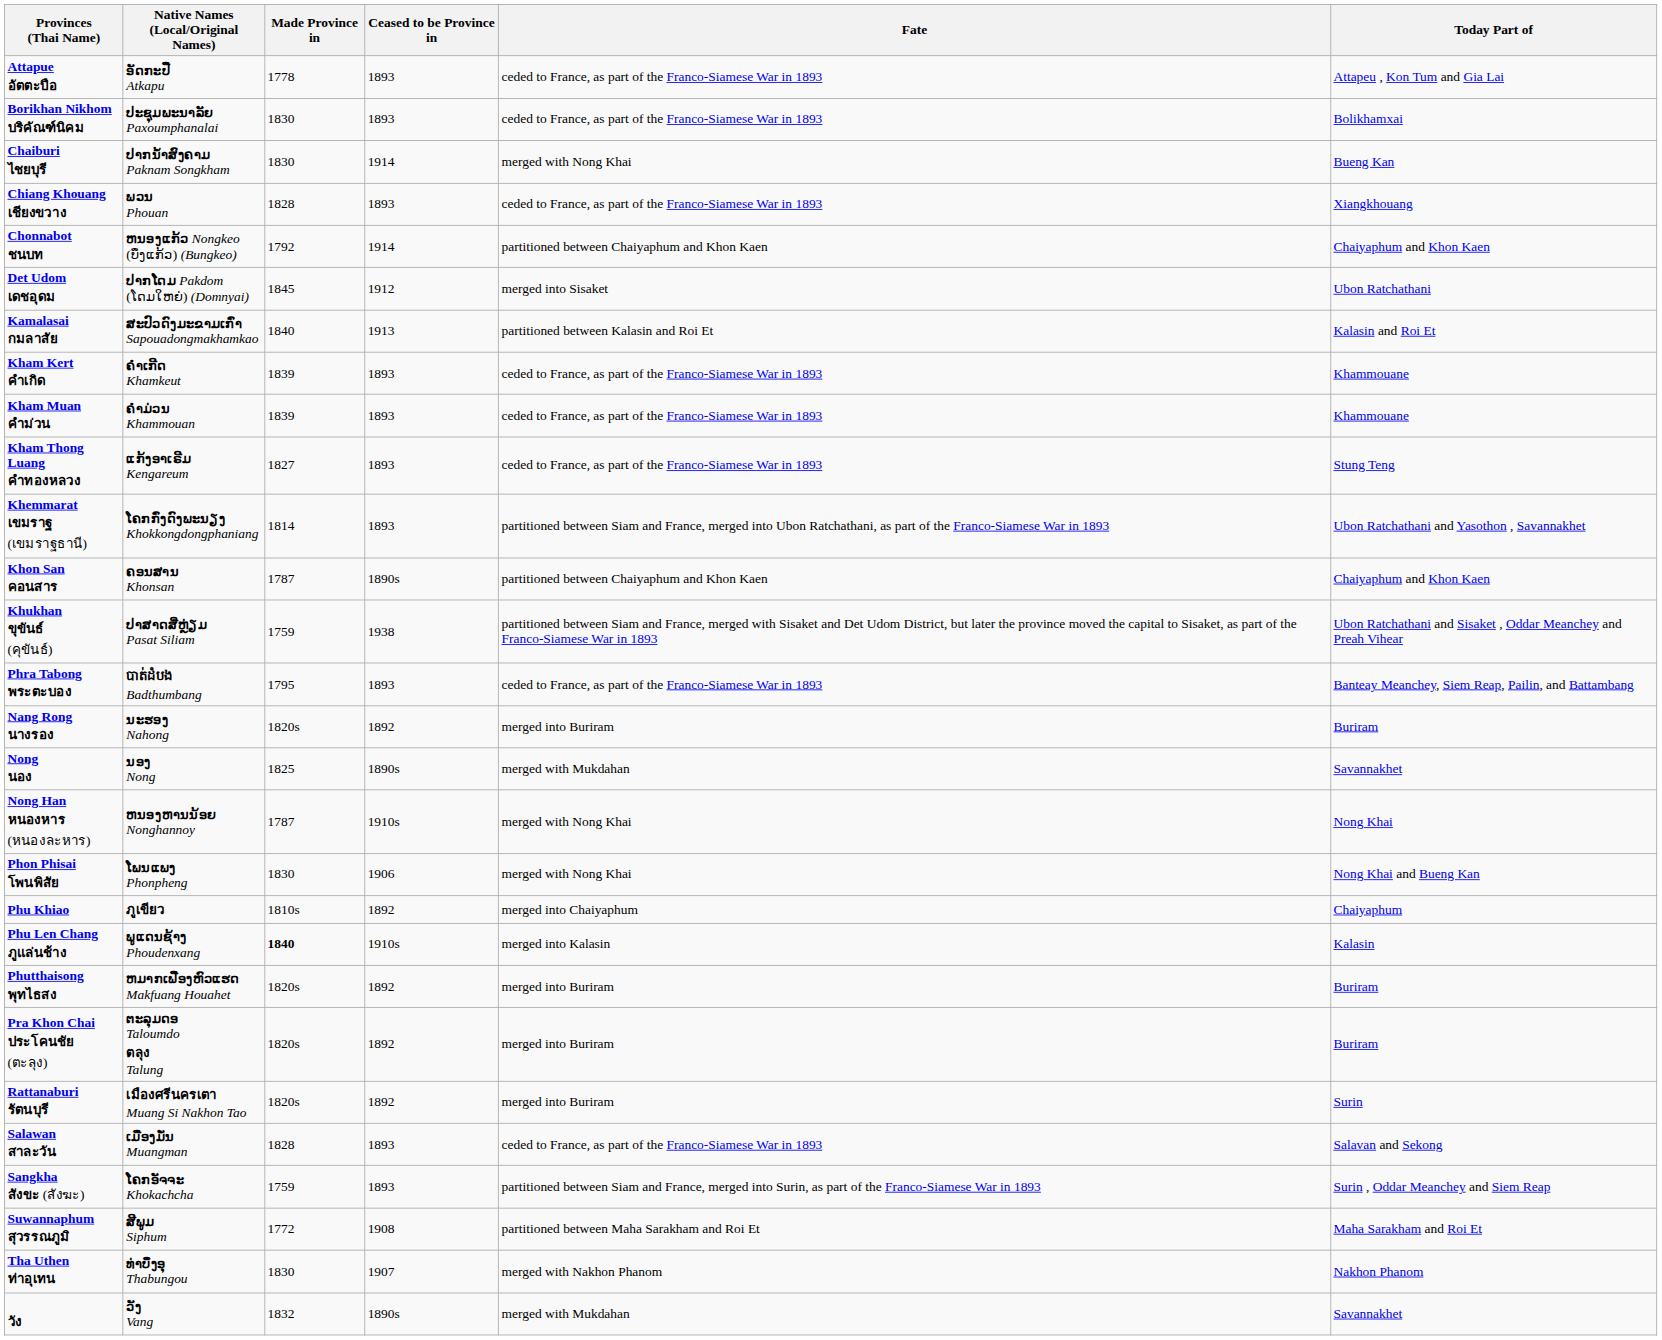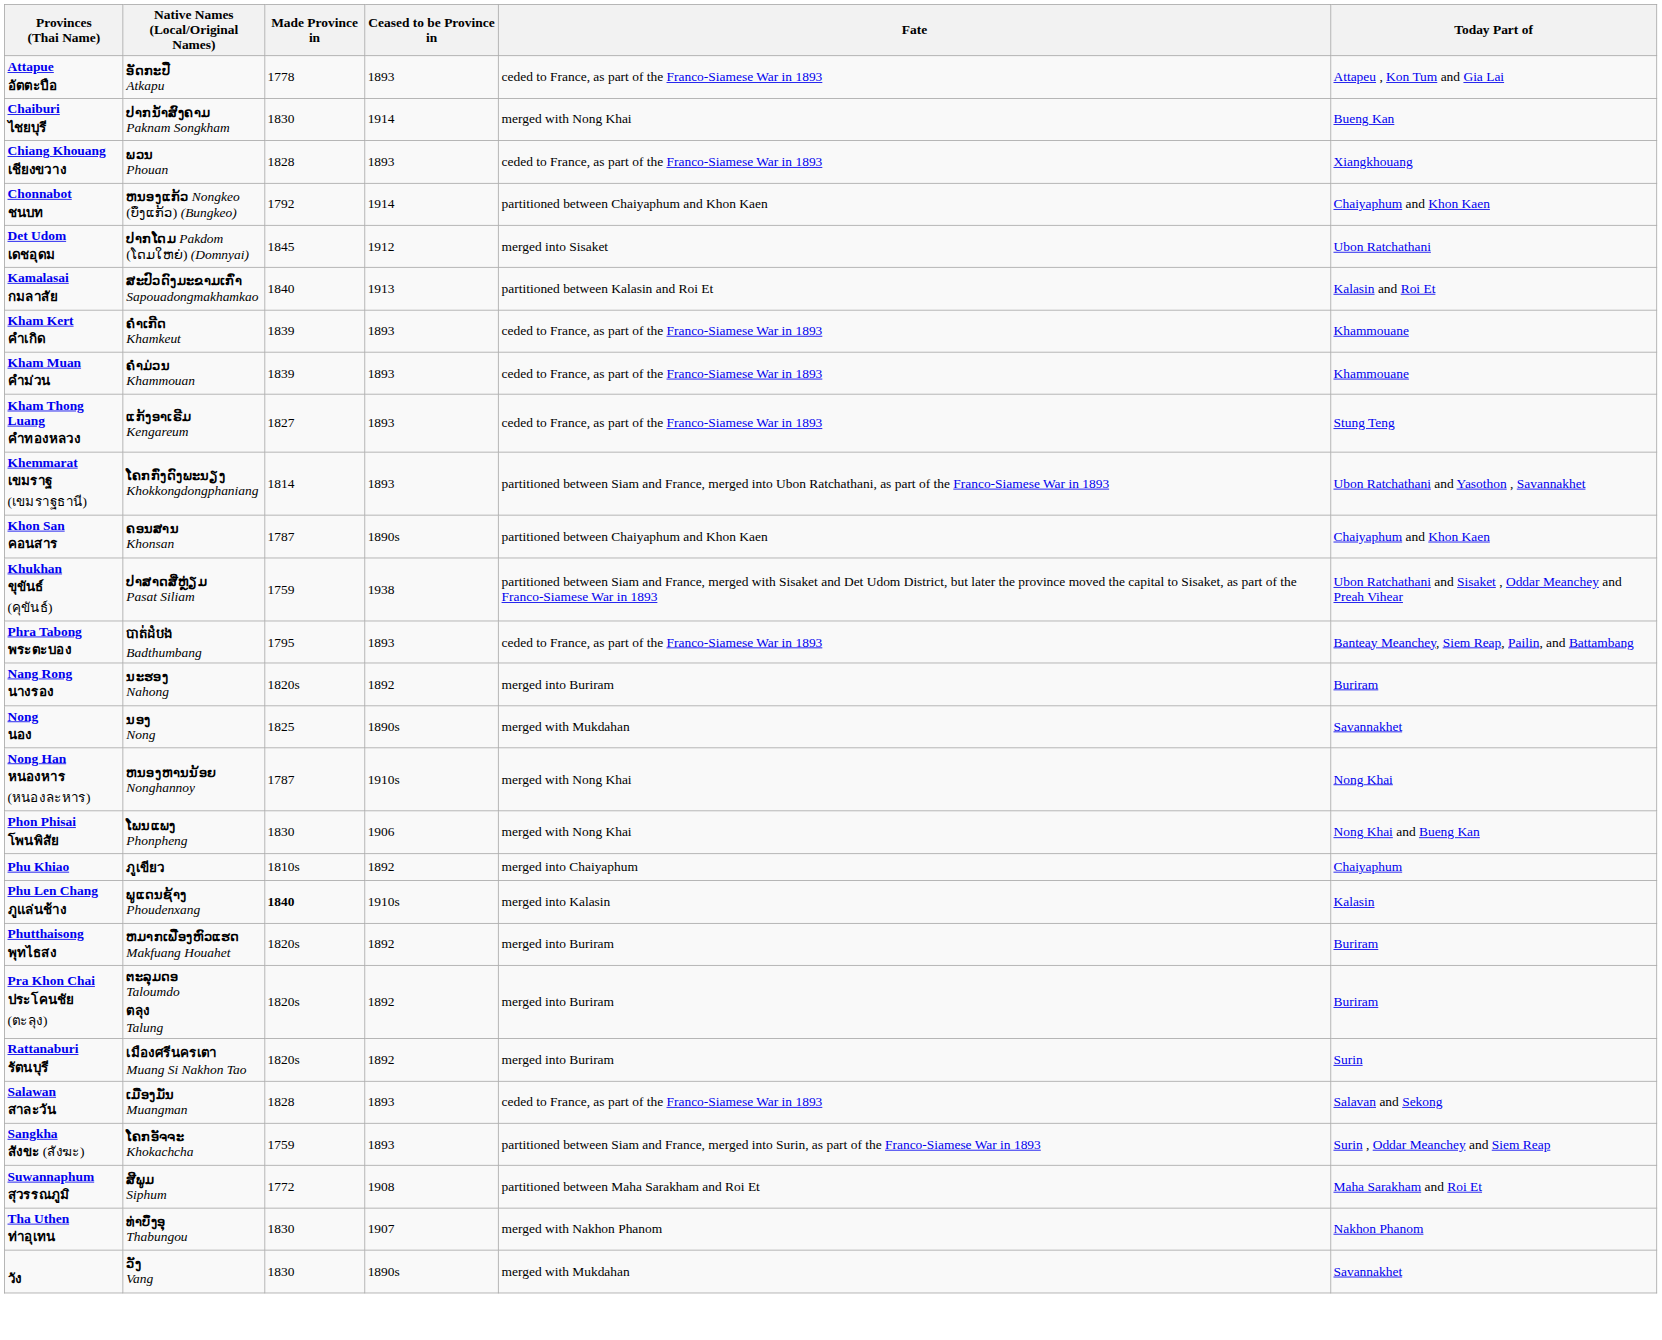 <table class="wikitable sortable">
 <tr>
 <th>Provinces<br><strong>(Thai Name)</strong></th>
 <th><strong>Native Names</strong><br>(Local/Original Names)</th>
 <th>Made Province in</th>
 <th>Ceased to be Province in</th>
 <th>Fate</th>
 <th>Today Part of</th>
 </tr>
 <tr>
 <td><a href='#'><strong>Attapue</strong></a><br><strong>อัตตะปือ</strong></td>
 <td><strong>ອັດກະປື</strong><br><em>Atkapu</em></td>
 <td>1778</td>
 <td>1893</td>
 <td>ceded to France, as part of the <a href='#'>Franco-Siamese War in 1893</a></td>
 <td><a href='#'>Attapeu</a> , <a href='#'>Kon Tum</a> and <a href='#'>Gia Lai</a> </td>
-</tr>
-<tr>
-<td><a href='#'><strong>Borikhan Nikhom</strong></a><br><strong>บริคัณฑ์นิคม</strong></td>
-<td><strong>ປະຊຸມພະນາລັຍ</strong><br><em>Paxoumphanalai</em></td>
-<td>1830</td>
-<td>1893</td>
-<td>ceded to France, as part of the <a href='#'>Franco-Siamese War in 1893</a></td>
-<td><a href='#'>Bolikhamxai</a> </td>
 </tr>
 <tr>
 <td><a href='#'><strong>Chaiburi</strong></a><br><strong>ไชยบุรี</strong></td>
 <td><strong>ປາກນ້ຳສົງຄາມ</strong><br><em>Paknam Songkham</em></td>
 <td>1830</td>
 <td>1914</td>
 <td>merged with Nong Khai</td>
 <td><a href='#'>Bueng Kan</a> </td>
 </tr>
 <tr>
 <td><a href='#'><strong>Chiang Khouang</strong></a><br><strong>เชียงขวาง</strong></td>
 <td><strong>ພວນ</strong><br><em>Phouan</em></td>
 <td>1828</td>
 <td>1893</td>
 <td>ceded to France, as part of the <a href='#'>Franco-Siamese War in 1893</a></td>
 <td><a href='#'>Xiangkhouang</a> </td>
 </tr>
 <tr>
 <td><a href='#'><strong>Chonnabot</strong></a><br><strong>ชนบท</strong></td>
 <td><strong>ຫນອງແກ້ວ</strong> <em>Nongkeo</em><br>(ບຶງແກ້ວ) <em>(Bungkeo)</em></td>
 <td>1792</td>
 <td>1914</td>
 <td>partitioned between Chaiyaphum and Khon Kaen</td>
 <td><a href='#'>Chaiyaphum</a> and <a href='#'>Khon Kaen</a> </td>
 </tr>
 <tr>
 <td><a href='#'><strong>Det Udom</strong></a><br><strong>เดชอุดม</strong></td>
 <td><strong>ປາກໂດມ</strong> <em>Pakdom</em><br>(ໂດມໃຫຍ່) <em>(Domnyai)</em></td>
 <td>1845</td>
 <td>1912</td>
 <td>merged into Sisaket</td>
 <td><a href='#'>Ubon Ratchathani</a> </td>
 </tr>
 <tr>
 <td><a href='#'><strong>Kamalasai</strong></a><br><strong>กมลาสัย</strong></td>
 <td><strong>ສະປົວດົງມະຂາມເກົ່າ</strong><br><em>Sapouadongmakhamkao</em></td>
 <td>1840</td>
 <td>1913</td>
 <td>partitioned between Kalasin and Roi Et</td>
 <td><a href='#'>Kalasin</a> and <a href='#'>Roi Et</a> </td>
 </tr>
 <tr>
 <td><a href='#'><strong>Kham Kert</strong></a><br><strong>คำเกิด</strong></td>
 <td><strong>ຄຳເກີດ</strong><br><em>Khamkeut</em></td>
 <td>1839</td>
 <td>1893</td>
 <td>ceded to France, as part of the <a href='#'>Franco-Siamese War in 1893</a></td>
 <td><a href='#'>Khammouane</a> </td>
 </tr>
 <tr>
 <td><a href='#'><strong>Kham Muan</strong></a><br><strong>คำม่วน</strong></td>
 <td><strong>ຄຳມ່ວນ</strong><br><em>Khammouan</em></td>
 <td>1839</td>
 <td>1893</td>
 <td>ceded to France, as part of the <a href='#'>Franco-Siamese War in 1893</a></td>
 <td><a href='#'>Khammouane</a> </td>
 </tr>
 <tr>
 <td><a href='#'><strong>Kham Thong Luang</strong></a><br><strong>คำทองหลวง</strong></td>
 <td><strong>ແກ້ງອາເຣີມ</strong><br><em>Kengareum</em></td>
 <td>1827</td>
 <td>1893</td>
 <td>ceded to France, as part of the <a href='#'>Franco-Siamese War in 1893</a></td>
 <td><a href='#'>Stung Teng</a> </td>
 </tr>
 <tr>
 <td><a href='#'><strong>Khemmarat</strong></a><br><strong>เขมราฐ</strong><br>(เขมราฐธานี)</td>
 <td><strong>ໂຄກກົ່ງດົງພະນຽງ</strong><br><em>Khokkongdongphaniang</em></td>
 <td>1814</td>
 <td>1893</td>
 <td>partitioned between Siam and France, merged into Ubon Ratchathani, as part of the <a href='#'>Franco-Siamese War in 1893</a></td>
 <td><a href='#'>Ubon Ratchathani</a> and <a href='#'>Yasothon</a> , <a href='#'>Savannakhet</a> </td>
 </tr>
 <tr>
 <td><a href='#'><strong>Khon San</strong></a><br><strong>คอนสาร</strong></td>
 <td><strong>ຄອນສານ</strong><br><em>Khonsan</em></td>
 <td>1787</td>
 <td>1890s</td>
 <td>partitioned between Chaiyaphum and Khon Kaen</td>
 <td><a href='#'>Chaiyaphum</a> and <a href='#'>Khon Kaen</a> </td>
 </tr>
 <tr>
 <td><a href='#'><strong>Khukhan</strong></a><br><strong>ขุขันธ์</strong><br>(คุขันธ์)</td>
 <td><strong>ປາສາດສີ່ຫຼ່ຽມ</strong><br><em>Pasat Siliam</em></td>
 <td>1759</td>
 <td>1938</td>
 <td>partitioned between Siam and France, merged with Sisaket and Det Udom District, but later the province moved the capital to Sisaket, as part of the <a href='#'>Franco-Siamese War in 1893</a></td>
 <td><a href='#'>Ubon Ratchathani</a> and <a href='#'>Sisaket</a> , <a href='#'>Oddar Meanchey</a> and <a href='#'>Preah Vihear</a> </td>
 </tr>
 <tr>
 <td><strong><a href='#'>Phra Tabong</a></strong><br><strong>พระตะบอง</strong></td>
 <td><strong>បាត់ដំបង</strong><br><em>Badthumbang</em></td>
 <td>1795</td>
 <td>1893</td>
 <td>ceded to France, as part of the <a href='#'>Franco-Siamese War in 1893</a></td>
 <td><a href='#'>Banteay Meanchey</a>, <a href='#'>Siem Reap</a>, <a href='#'>Pailin</a>, and <a href='#'>Battambang</a> </td>
 </tr>
 <tr>
 <td><a href='#'><strong>Nang Rong</strong></a><br><strong>นางรอง</strong></td>
 <td><strong>ນະຮອງ</strong><br><em>Nahong</em></td>
 <td>1820s</td>
 <td>1892</td>
 <td>merged into Buriram</td>
 <td><a href='#'>Buriram</a> </td>
 </tr>
 <tr>
 <td><a href='#'><strong>Nong</strong></a><br><strong>นอง</strong></td>
 <td><strong>ນອງ</strong><br><em>Nong</em></td>
 <td>1825</td>
 <td>1890s</td>
 <td>merged with Mukdahan</td>
 <td><a href='#'>Savannakhet</a> </td>
 </tr>
 <tr>
 <td><strong><a href='#'>Nong Han</a></strong><br><strong>หนองหาร</strong><br>(หนองละหาร)</td>
 <td><strong>ຫນອງຫານນ້ອຍ</strong><br><em>Nonghannoy</em></td>
 <td>1787</td>
 <td>1910s</td>
 <td>merged with Nong Khai</td>
 <td><a href='#'>Nong Khai</a> </td>
 </tr>
 <tr>
 <td><a href='#'><strong>Phon Phisai</strong></a><br><strong>โพนพิสัย</strong></td>
 <td><strong>ໂພນແພງ</strong><br><em>Phonpheng</em></td>
 <td>1830</td>
 <td>1906</td>
 <td>merged with Nong Khai</td>
 <td><a href='#'>Nong Khai</a> and <a href='#'>Bueng Kan</a> </td>
 </tr>
 <tr>
 <td><a href='#'><strong>Phu Khiao</strong></a></td>
 <td><strong>ภูเขียว</strong></td>
 <td>1810s</td>
 <td>1892</td>
 <td>merged into Chaiyaphum</td>
 <td><a href='#'>Chaiyaphum</a> </td>
 </tr>
 <tr>
 <td><a href='#'><strong>Phu Len Chang</strong></a><br><strong>ภูแล่นช้าง</strong></td>
 <td><strong>ພູແດນຊ້າງ</strong><br><em>Phoudenxang</em></td>
 <td><strong>1840</strong></td>
 <td>1910s</td>
 <td>merged into Kalasin</td>
 <td><a href='#'>Kalasin</a> </td>
 </tr>
 <tr>
 <td><a href='#'><strong>Phutthaisong</strong></a><br><strong>พุทไธสง</strong></td>
 <td><strong>ຫມາກເຟືອງຫົວແຮດ</strong><br><em>Makfuang Houahet</em></td>
 <td>1820s</td>
 <td>1892</td>
 <td>merged into Buriram</td>
 <td><a href='#'>Buriram</a> </td>
 </tr>
 <tr>
 <td><a href='#'><strong>Pra Khon Chai</strong></a><br><strong>ประโคนชัย</strong><br>(ตะลุง)</td>
 <td><strong>ຕະລຸມດອ</strong><br><em>Taloumdo</em><br><strong>ตลุง</strong><br><em>Talung</em></td>
 <td>1820s</td>
 <td>1892</td>
 <td>merged into Buriram</td>
 <td><a href='#'>Buriram</a> </td>
 </tr>
 <tr>
 <td><a href='#'><strong>Rattanaburi</strong></a><br><strong>รัตนบุรี</strong></td>
 <td><strong>เมืองศรีนครเตา</strong><br><em>Muang Si Nakhon Tao</em></td>
 <td>1820s</td>
 <td>1892</td>
 <td>merged into Buriram</td>
 <td><a href='#'>Surin</a> </td>
 </tr>
 <tr>
 <td><a href='#'><strong>Salawan</strong></a><br><strong>สาละวัน</strong></td>
 <td><strong>ເມືອງມັ່ນ</strong><br><em>Muangman</em></td>
 <td>1828</td>
 <td>1893</td>
 <td>ceded to France, as part of the <a href='#'>Franco-Siamese War in 1893</a></td>
 <td><a href='#'>Salavan</a> and <a href='#'>Sekong</a> </td>
 </tr>
 <tr>
 <td><a href='#'><strong>Sangkha</strong></a><br><strong>สังขะ</strong> (สังฆะ)</td>
 <td><strong>ໂຄກອັຈຈະ</strong><br><em>Khokachcha</em></td>
 <td>1759</td>
 <td>1893</td>
 <td>partitioned between Siam and France, merged into Surin, as part of the <a href='#'>Franco-Siamese War in 1893</a></td>
 <td><a href='#'>Surin</a> , <a href='#'>Oddar Meanchey</a> and <a href='#'>Siem Reap</a> </td>
 </tr>
 <tr>
 <td><a href='#'><strong>Suwannaphum</strong></a><br><strong>สุวรรณภูมิ</strong></td>
 <td><strong>ສີພູມ</strong><br><em>Siphum</em></td>
 <td>1772</td>
 <td>1908</td>
 <td>partitioned between Maha Sarakham and Roi Et</td>
 <td><a href='#'>Maha Sarakham</a> and <a href='#'>Roi Et</a> </td>
 </tr>
 <tr>
 <td><a href='#'><strong>Tha Uthen</strong></a><br><strong>ท่าอุเทน</strong></td>
 <td><strong>ທ່າບຶງອຸ</strong><br><em>Thabungou</em></td>
 <td>1830</td>
 <td>1907</td>
 <td>merged with Nakhon Phanom</td>
 <td><a href='#'>Nakhon Phanom</a> </td>
 </tr>
 <tr>
 <td><strong></strong><br><strong>วัง</strong></td>
 <td><strong>ວັງ</strong><br><em>Vang</em></td>
-<td>1832</td>
+<td>1830</td>
 <td>1890s</td>
 <td>merged with Mukdahan</td>
 <td><a href='#'>Savannakhet</a> </td>
 </tr>
 </table>
